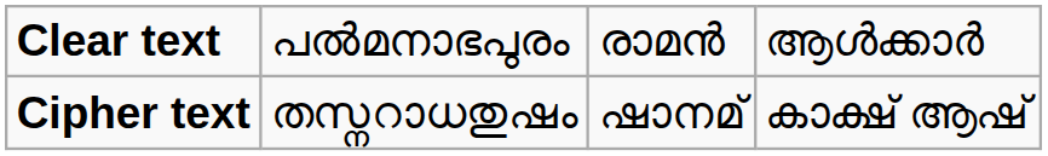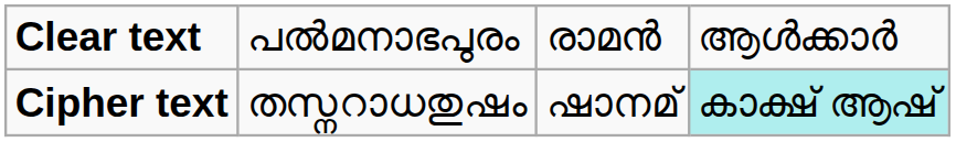 <table class="wikitable">
 <tr>
 <td><strong>Clear text</strong></td>
 <td>പല്‍മനാഭപുരം</td>
 <td>രാമന്‍</td>
 <td>ആള്‍ക്കാര്‍</td>
 </tr>
 <tr>
 <td><strong>Cipher text</strong></td>
 <td>തസ്നറാധതുഷം</td>
 <td>ഷാനമ്</td>
-<td>കാക്ഷ് ആഷ്</td>
+<td style="background: paleturquoise;">കാക്ഷ് ആഷ്</td>
 </tr>
 </table>
